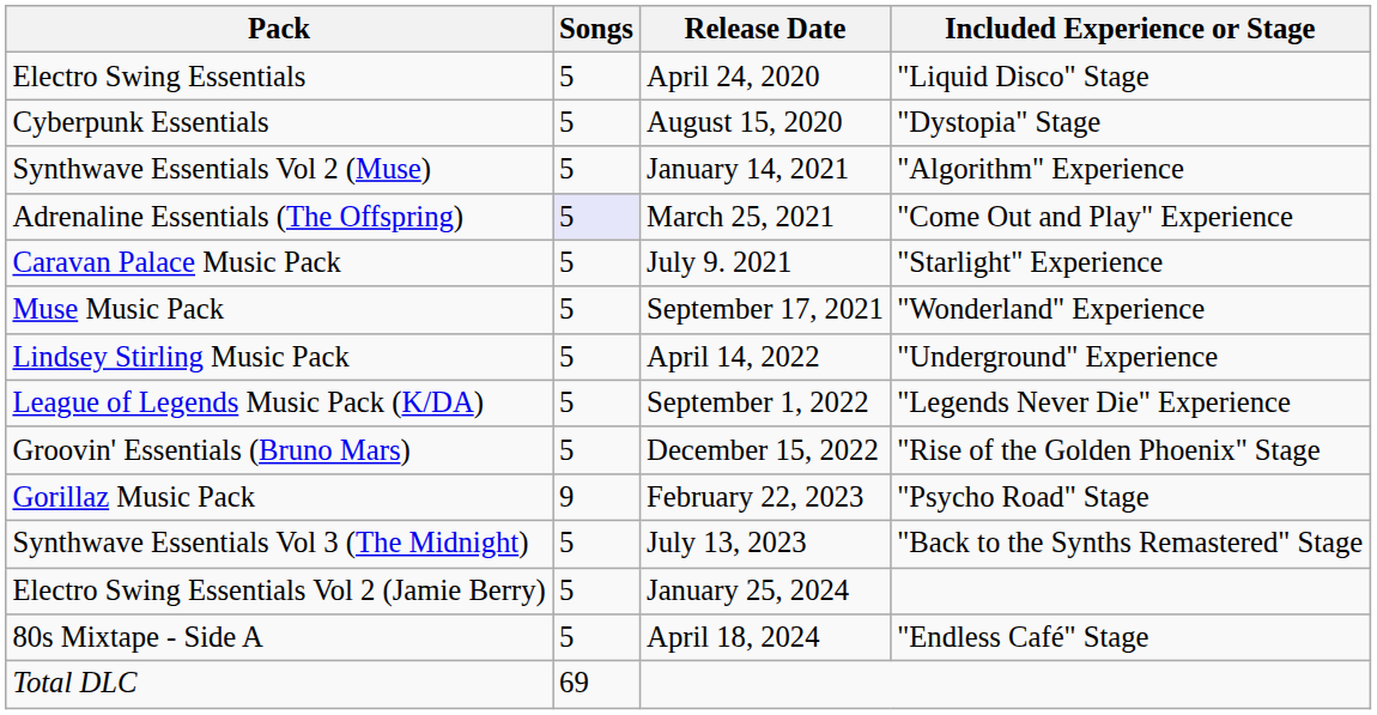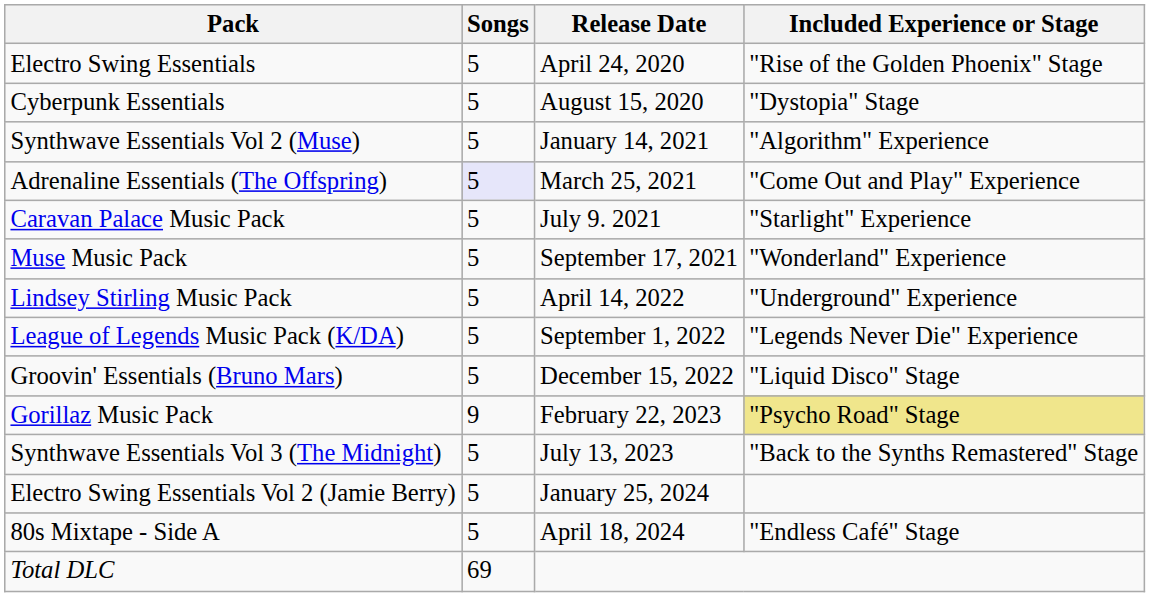 <table class="wikitable mw-collapsible">
 <tr>
 <th>Pack</th>
 <th>Songs</th>
 <th>Release Date</th>
 <th>Included Experience or Stage</th>
 </tr>
 <tr>
 <td>Electro Swing Essentials</td>
 <td>5</td>
 <td>April 24, 2020 </td>
-<td>"Liquid Disco" Stage</td>
+<td>"Rise of the Golden Phoenix" Stage</td>
 </tr>
 <tr>
 <td>Cyberpunk Essentials</td>
 <td>5</td>
 <td>August 15, 2020 </td>
 <td>"Dystopia" Stage</td>
 </tr>
 <tr>
 <td>Synthwave Essentials Vol 2 (<a href='#'>Muse</a>)</td>
 <td>5</td>
 <td>January 14, 2021 </td>
 <td>"Algorithm" Experience</td>
 </tr>
 <tr>
 <td>Adrenaline Essentials (<a href='#'>The Offspring</a>)</td>
 <td style="background: lavender;">5</td>
 <td>March 25, 2021 </td>
 <td>"Come Out and Play" Experience</td>
 </tr>
 <tr>
 <td><a href='#'>Caravan Palace</a> Music Pack</td>
 <td>5</td>
 <td>July 9. 2021 </td>
 <td>"Starlight" Experience</td>
 </tr>
 <tr>
 <td><a href='#'>Muse</a> Music Pack</td>
 <td>5</td>
 <td>September 17, 2021 </td>
 <td>"Wonderland" Experience</td>
 </tr>
 <tr>
 <td><a href='#'>Lindsey Stirling</a> Music Pack</td>
 <td>5</td>
 <td>April 14, 2022 </td>
 <td>"Underground" Experience</td>
 </tr>
 <tr>
 <td><a href='#'>League of Legends</a> Music Pack (<a href='#'>K/DA</a>)</td>
 <td>5</td>
 <td>September 1, 2022 </td>
 <td>"Legends Never Die" Experience</td>
 </tr>
 <tr>
 <td>Groovin' Essentials (<a href='#'>Bruno Mars</a>)</td>
 <td>5</td>
 <td>December 15, 2022 </td>
-<td>"Rise of the Golden Phoenix" Stage</td>
+<td>"Liquid Disco" Stage</td>
 </tr>
 <tr>
 <td><a href='#'>Gorillaz</a> Music Pack</td>
 <td>9</td>
 <td>February 22, 2023 </td>
-<td>"Psycho Road" Stage</td>
+<td style="background: khaki;">"Psycho Road" Stage</td>
 </tr>
 <tr>
 <td>Synthwave Essentials Vol 3 (<a href='#'>The Midnight</a>)</td>
 <td>5</td>
 <td>July 13, 2023 </td>
 <td>"Back to the Synths Remastered" Stage</td>
 </tr>
 <tr>
 <td>Electro Swing Essentials Vol 2 (Jamie Berry)</td>
 <td>5</td>
 <td>January 25, 2024 </td>
 <td></td>
 </tr>
 <tr>
 <td>80s Mixtape - Side A</td>
 <td>5</td>
 <td>April 18, 2024 </td>
 <td>"Endless Café" Stage</td>
 </tr>
 <tr>
 <td><em>Total DLC</em></td>
 <td>69</td>
 <td colspan="2"></td>
 </tr>
 </table>
